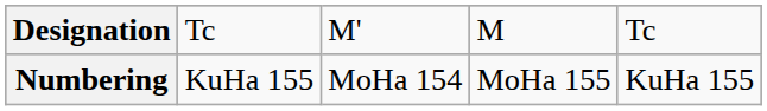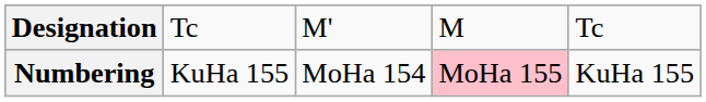 <table class="wikitable">
 <tr>
 <th>Designation</th>
 <td>Tc</td>
 <td>M'</td>
 <td>M</td>
 <td>Tc</td>
 </tr>
 <tr>
 <th>Numbering</th>
 <td>KuHa 155</td>
 <td>MoHa 154</td>
-<td>MoHa 155</td>
+<td style="background: pink;">MoHa 155</td>
 <td>KuHa 155</td>
 </tr>
 </table>
